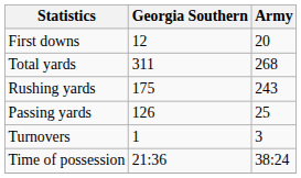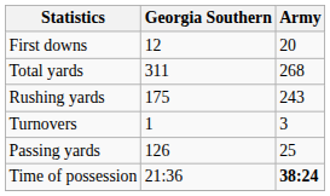 <table class="wikitable">
 <tr>
 <th>Statistics</th>
 <th>Georgia Southern</th>
 <th>Army</th>
 </tr>
 <tr>
 <td>First downs</td>
 <td>12</td>
 <td>20</td>
 </tr>
 <tr>
 <td>Total yards</td>
 <td>311</td>
 <td>268</td>
 </tr>
 <tr>
 <td>Rushing yards</td>
 <td>175</td>
 <td>243</td>
 </tr>
 <tr>
+<td>Turnovers</td>
+<td>1</td>
+<td>3</td>
+</tr>
+<tr>
 <td>Passing yards</td>
 <td>126</td>
 <td>25</td>
 </tr>
 <tr>
-<td>Turnovers</td>
-<td>1</td>
-<td>3</td>
-</tr>
-<tr>
 <td>Time of possession</td>
 <td>21:36</td>
-<td>38:24</td>
+<td><strong>38:24</strong></td>
 </tr>
 <tr>
 </tr>
 </table>
